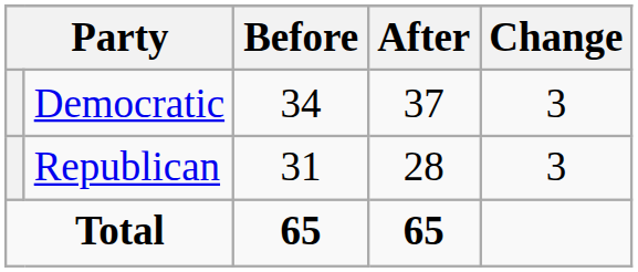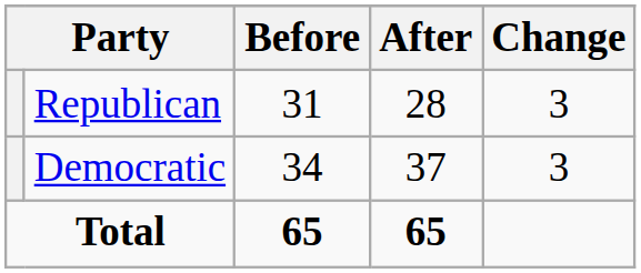 <table class="wikitable" style="text-align:center;">
 <tr>
 </tr>
 <tr>
 <th colspan=2>Party</th>
 <th>Before</th>
 <th>After</th>
 <th>Change</th>
 </tr>
 <tr>
 <th style="background-color:"></th>
-<td style="text-align:left;"><a href='#'>Democratic</a></td>
-<td>34</td>
-<td>37</td>
+<td style="text-align:left;"><a href='#'>Republican</a></td>
+<td>31</td>
+<td>28</td>
 <td> 3</td>
 </tr>
 <tr>
 <th style="background-color:"></th>
-<td style="text-align:left;"><a href='#'>Republican</a></td>
-<td>31</td>
-<td>28</td>
+<td style="text-align:left;"><a href='#'>Democratic</a></td>
+<td>34</td>
+<td>37</td>
 <td> 3</td>
 </tr>
 <tr>
 <td colspan=2><strong>Total</strong></td>
 <td><strong>65</strong></td>
 <td><strong>65</strong></td>
 <td></td>
 </tr>
 </table>
